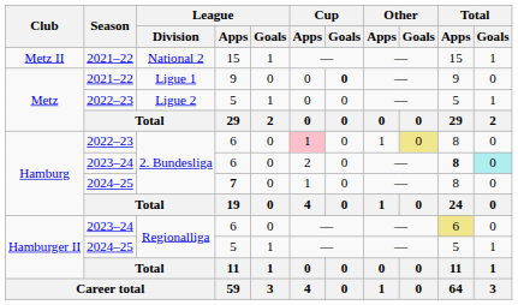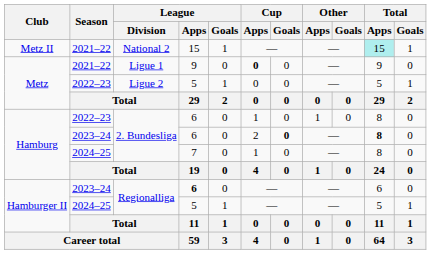 <table class="wikitable", style="text-align:center">
 <tr>
 <th rowspan="2">Club</th>
 <th rowspan="2">Season</th>
 <th colspan="3">League</th>
 <th colspan="2">Cup</th>
 <th colspan="2">Other</th>
 <th colspan="2">Total</th>
 </tr>
 <tr>
 <th>Division</th>
 <th>Apps</th>
 <th>Goals</th>
 <th>Apps</th>
 <th>Goals</th>
 <th>Apps</th>
 <th>Goals</th>
 <th>Apps</th>
 <th>Goals</th>
 </tr>
 <tr>
 <td><a href='#'>Metz II</a></td>
 <td><a href='#'>2021–22</a></td>
 <td><a href='#'>National 2</a></td>
 <td>15</td>
 <td>1</td>
 <td colspan="2">—</td>
 <td colspan="2">—</td>
-<td>15</td>
+<td style="background: paleturquoise;">15</td>
 <td>1</td>
 </tr>
 <tr>
 <td rowspan="3"><a href='#'>Metz</a></td>
 <td><a href='#'>2021–22</a></td>
 <td><a href='#'>Ligue 1</a></td>
 <td>9</td>
 <td>0</td>
+<td><strong>0</strong></td>
 <td>0</td>
-<td><strong>0</strong></td>
 <td colspan="2">—</td>
 <td>9</td>
 <td>0</td>
 </tr>
 <tr>
 <td><a href='#'>2022–23</a></td>
 <td><a href='#'>Ligue 2</a></td>
 <td>5</td>
 <td>1</td>
 <td>0</td>
 <td>0</td>
 <td colspan="2">—</td>
 <td>5</td>
 <td>1</td>
 </tr>
 <tr>
 <th colspan="2">Total</th>
 <th>29</th>
 <th>2</th>
 <th>0</th>
 <th>0</th>
 <th>0</th>
 <th>0</th>
 <th>29</th>
 <th>2</th>
 </tr>
 <tr>
 <td rowspan="4"><a href='#'>Hamburg</a></td>
 <td><a href='#'>2022–23</a></td>
 <td rowspan="3"><a href='#'>2. Bundesliga</a></td>
 <td>6</td>
 <td>0</td>
-<td style="background: pink;">1</td>
+<td>1</td>
 <td>0</td>
 <td>1</td>
-<td style="background: khaki;">0</td>
+<td>0</td>
 <td>8</td>
 <td>0</td>
 </tr>
 <tr>
 <td><a href='#'>2023–24</a></td>
 <td>6</td>
 <td>0</td>
 <td>2</td>
-<td>0</td>
+<td><strong>0</strong></td>
 <td colspan="2">—</td>
 <td><strong>8</strong></td>
-<td style="background: paleturquoise;">0</td>
+<td>0</td>
 </tr>
 <tr>
 <td><a href='#'>2024–25</a></td>
-<td><strong>7</strong></td>
+<td>7</td>
 <td>0</td>
 <td>1</td>
 <td>0</td>
 <td colspan="2">—</td>
 <td>8</td>
 <td>0</td>
 </tr>
 <tr>
 <th colspan="2">Total</th>
 <th>19</th>
 <th>0</th>
 <th>4</th>
 <th>0</th>
 <th>1</th>
 <th>0</th>
 <th>24</th>
 <th>0</th>
 </tr>
 <tr>
 <td rowspan="3"><a href='#'>Hamburger II</a></td>
 <td><a href='#'>2023–24</a></td>
 <td rowspan="2"><a href='#'>Regionalliga</a></td>
-<td>6</td>
+<td><strong>6</strong></td>
 <td>0</td>
 <td colspan="2">—</td>
 <td colspan="2">—</td>
-<td style="background: khaki;">6</td>
+<td>6</td>
 <td>0</td>
 </tr>
 <tr>
 <td><a href='#'>2024–25</a></td>
 <td>5</td>
 <td>1</td>
 <td colspan="2">—</td>
 <td colspan="2">—</td>
 <td>5</td>
 <td>1</td>
 </tr>
 <tr>
 <th colspan="2">Total</th>
 <th>11</th>
 <th>1</th>
 <th>0</th>
 <th>0</th>
 <th>0</th>
 <th>0</th>
 <th>11</th>
 <th>1</th>
 </tr>
 <tr>
 <th colspan="3">Career total</th>
 <th>59</th>
 <th>3</th>
 <th>4</th>
 <th>0</th>
 <th>1</th>
 <th>0</th>
 <th>64</th>
 <th>3</th>
 </tr>
 </table>
